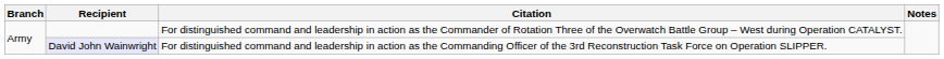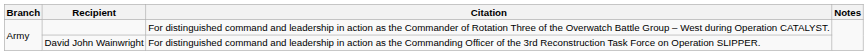 <table class="wikitable" style="font-size:95%;">
 <tr>
 <th>Branch</th>
 <th>Recipient</th>
 <th>Citation</th>
 <th>Notes</th>
 </tr>
 <tr>
 <td rowspan=2>Army</td>
 <td></td>
 <td>For distinguished command and leadership in action as the Commander of Rotation Three of the Overwatch Battle Group – West during Operation CATALYST.</td>
 <td rowspan=2></td>
 </tr>
 <tr>
-<td style="background: lavender;"> David John Wainwright</td>
+<td> David John Wainwright</td>
 <td>For distinguished command and leadership in action as the Commanding Officer of the 3rd Reconstruction Task Force on Operation SLIPPER.</td>
 </tr>
 </table>
